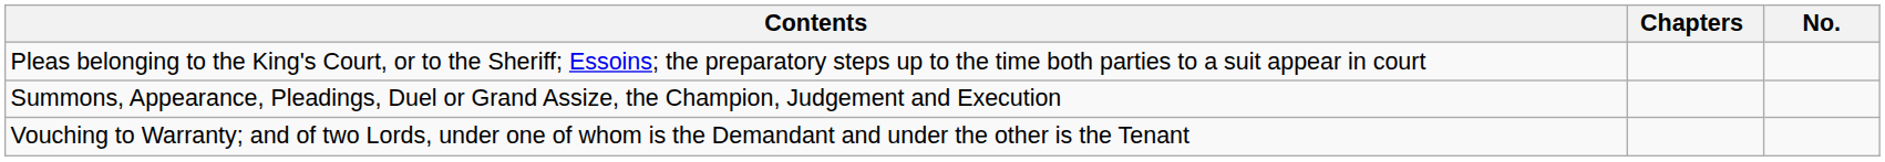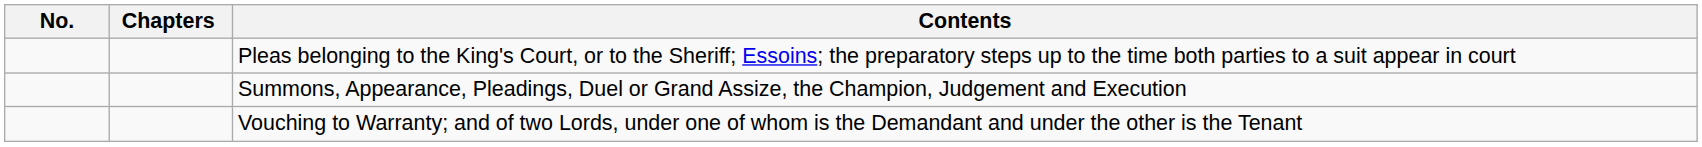 <table class="wikitable" border="1" style="width:100%" cellpadding="4">
 <tr>
+<th>    No.    </th>
+<th>Chapters </th>
 <th>Contents</th>
-<th>Chapters </th>
-<th>    No.    </th>
 </tr>
 <tr>
-<td>Pleas belonging to the King's Court, or to the Sheriff; <a href='#'>Essoins</a>; the preparatory steps up to the time both parties to a suit appear in court</td>
 <td></td>
 <td></td>
+<td>Pleas belonging to the King's Court, or to the Sheriff; <a href='#'>Essoins</a>; the preparatory steps up to the time both parties to a suit appear in court</td>
 </tr>
 <tr>
-<td>Summons, Appearance, Pleadings, Duel or Grand Assize, the Champion, Judgement and Execution</td>
 <td></td>
 <td></td>
+<td>Summons, Appearance, Pleadings, Duel or Grand Assize, the Champion, Judgement and Execution</td>
 </tr>
 <tr>
-<td>Vouching to Warranty; and of two Lords, under one of whom is the Demandant and under the other is the Tenant</td>
 <td></td>
 <td></td>
+<td>Vouching to Warranty; and of two Lords, under one of whom is the Demandant and under the other is the Tenant</td>
 </tr>
 </table>
